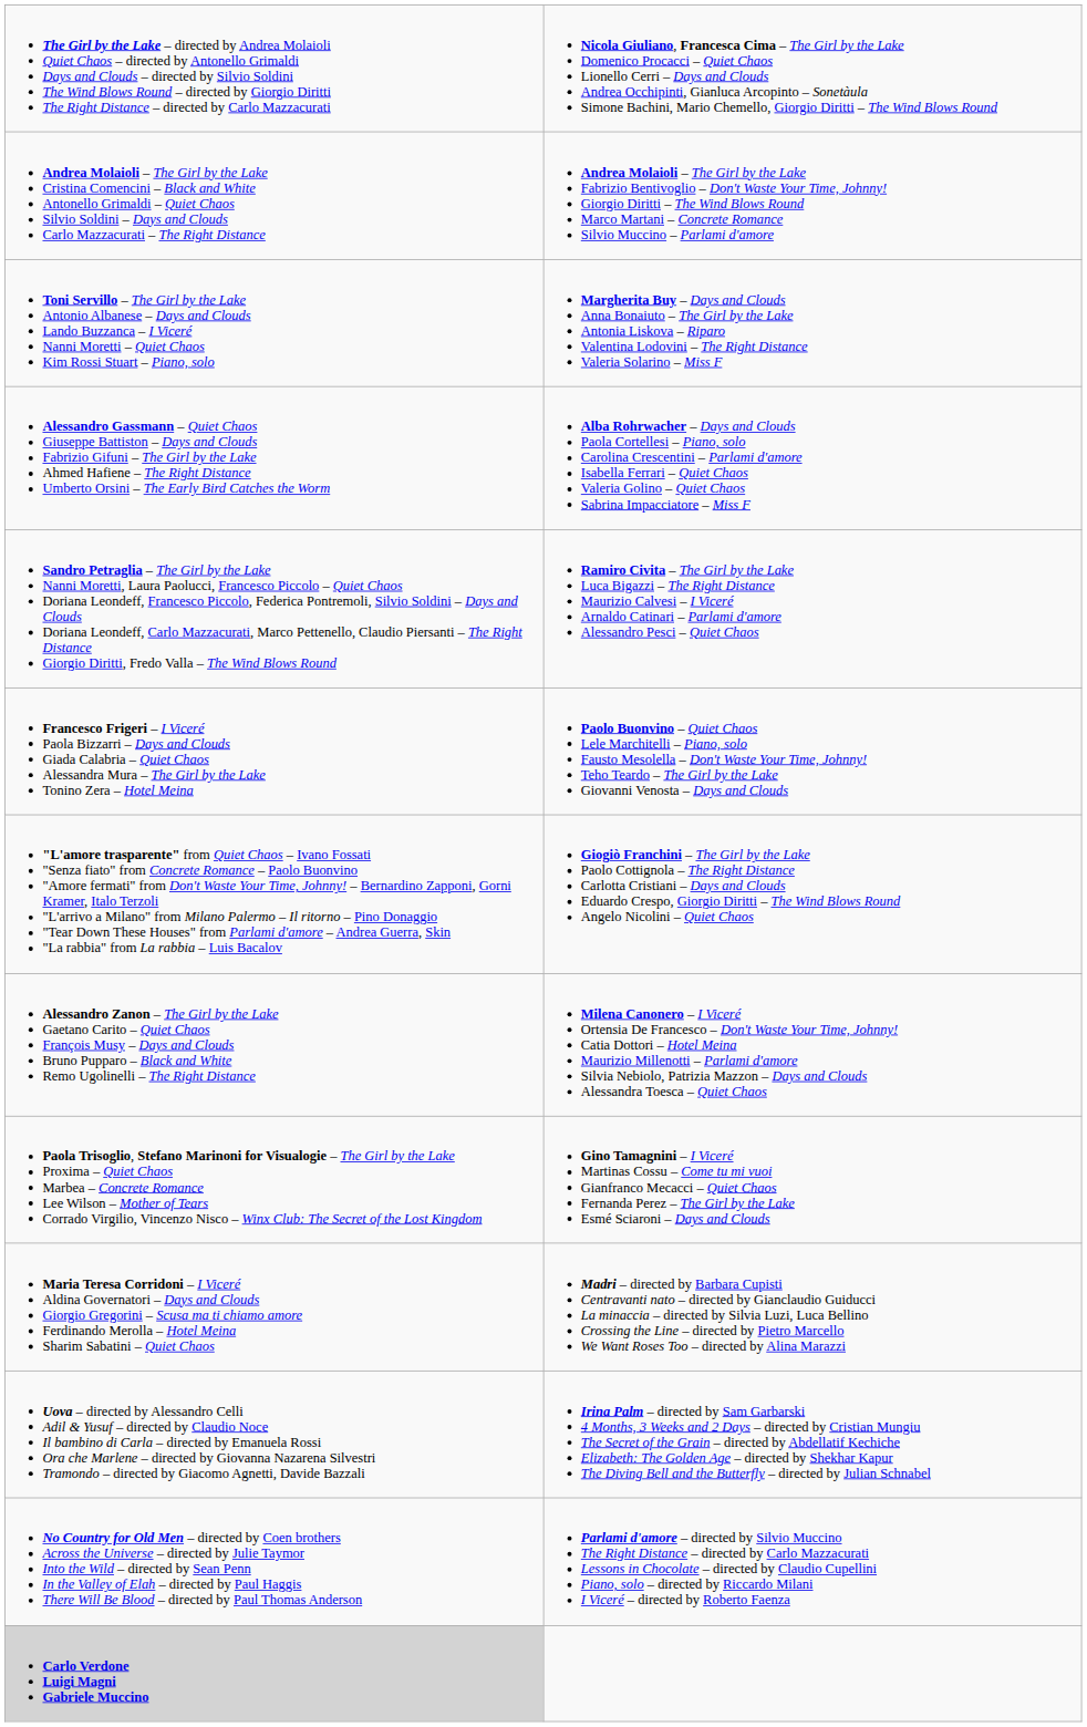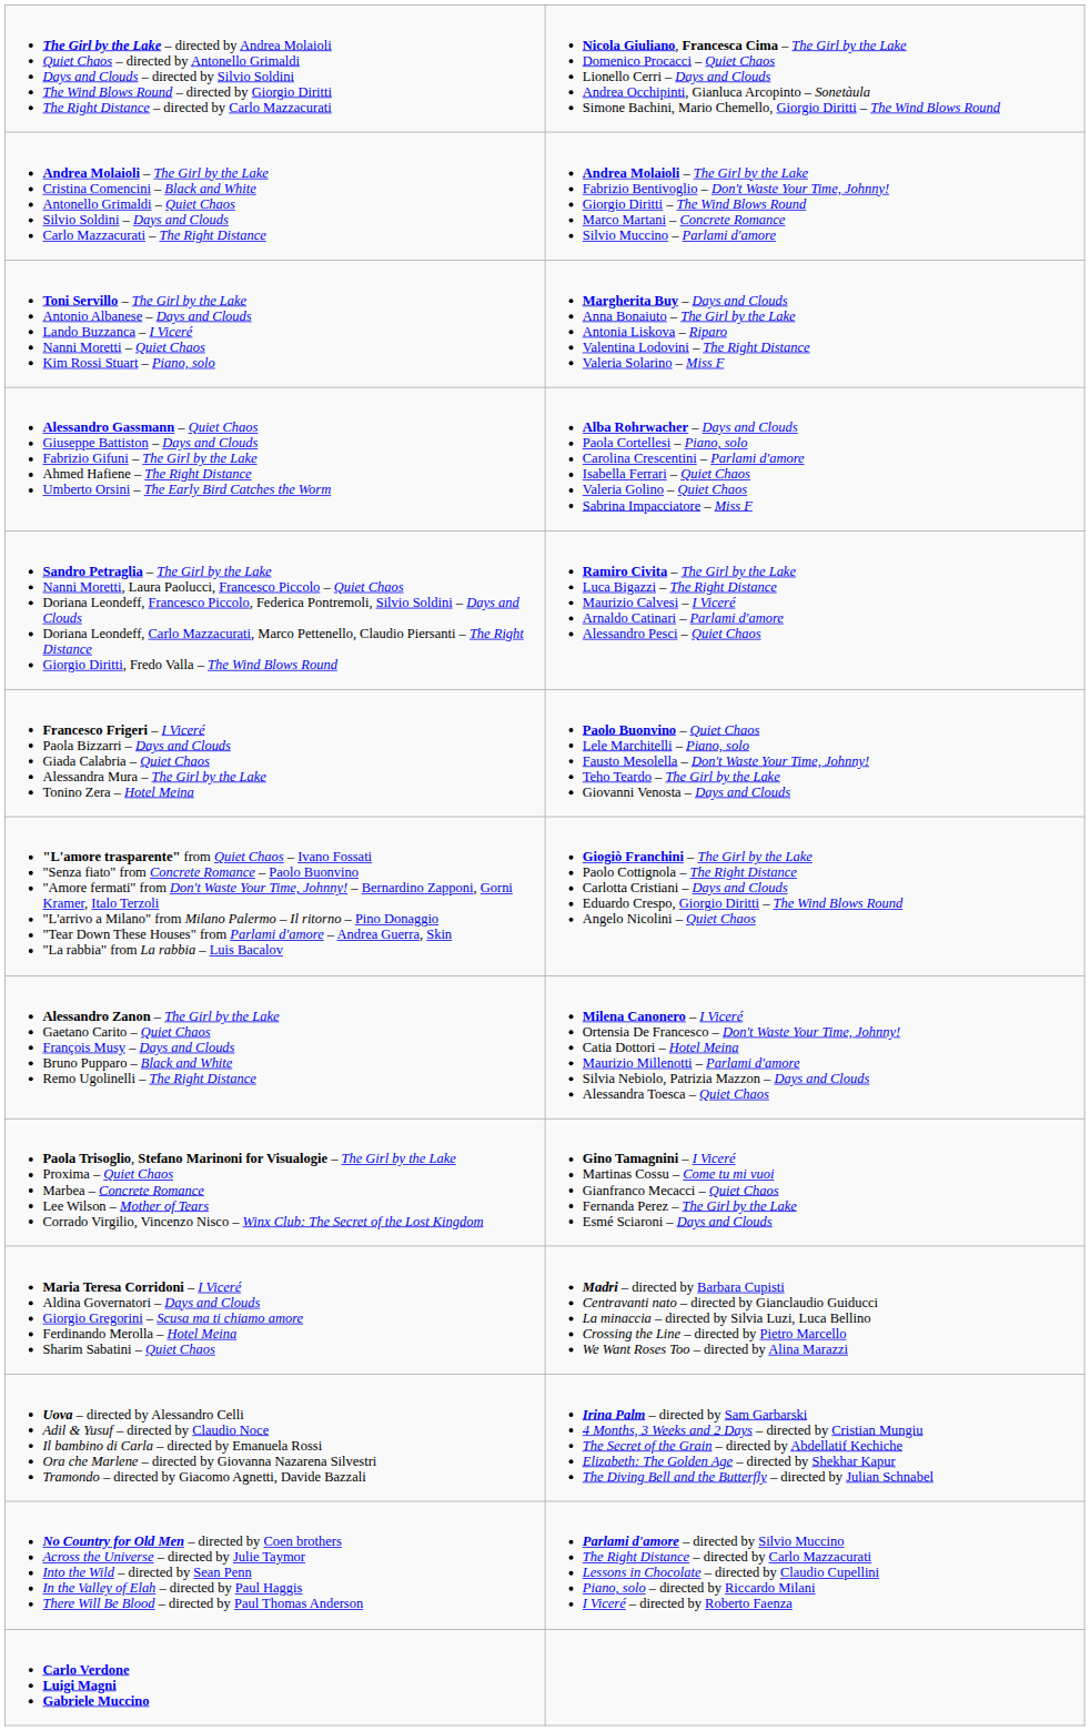 <table class="wikitable" role="presentation">
 <tr>
 <td style="vertical-align:top; width:50%;"><br><ul><li><strong><em><a href='#'>The Girl by the Lake</a></em></strong> – directed by <a href='#'>Andrea Molaioli</a></li><li><em><a href='#'>Quiet Chaos</a></em> – directed by <a href='#'>Antonello Grimaldi</a></li><li><em><a href='#'>Days and Clouds</a></em> – directed by <a href='#'>Silvio Soldini</a></li><li><em><a href='#'>The Wind Blows Round</a></em> – directed by <a href='#'>Giorgio Diritti</a></li><li><em><a href='#'>The Right Distance</a></em> – directed by <a href='#'>Carlo Mazzacurati</a></li></ul></td>
 <td style="vertical-align:top; width:50%;"><br><ul><li><strong><a href='#'>Nicola Giuliano</a></strong>, <strong>Francesca Cima</strong> – <em><a href='#'>The Girl by the Lake</a></em></li><li><a href='#'>Domenico Procacci</a>  – <em><a href='#'>Quiet Chaos</a></em></li><li>Lionello Cerri  – <em><a href='#'>Days and Clouds</a></em></li><li><a href='#'>Andrea Occhipinti</a>, Gianluca Arcopinto – <em>Sonetàula</em></li><li>Simone Bachini, Mario Chemello, <a href='#'>Giorgio Diritti</a>  – <em><a href='#'>The Wind Blows Round</a></em></li></ul></td>
 </tr>
 <tr>
 <td style="vertical-align:top; width:50%;"><br><ul><li><strong><a href='#'>Andrea Molaioli</a></strong> – <em><a href='#'>The Girl by the Lake</a></em></li><li><a href='#'>Cristina Comencini</a> – <em><a href='#'>Black and White</a></em></li><li><a href='#'>Antonello Grimaldi</a> – <em><a href='#'>Quiet Chaos</a></em></li><li><a href='#'>Silvio Soldini</a> – <em><a href='#'>Days and Clouds</a></em></li><li><a href='#'>Carlo Mazzacurati</a> – <em><a href='#'>The Right Distance</a></em></li></ul></td>
 <td style="vertical-align:top; width:50%;"><br><ul><li><strong><a href='#'>Andrea Molaioli</a></strong> – <em><a href='#'>The Girl by the Lake</a></em></li><li><a href='#'>Fabrizio Bentivoglio</a> – <em><a href='#'>Don't Waste Your Time, Johnny!</a></em></li><li><a href='#'>Giorgio Diritti</a> – <em><a href='#'>The Wind Blows Round</a></em></li><li><a href='#'>Marco Martani</a> – <em><a href='#'>Concrete Romance</a></em></li><li><a href='#'>Silvio Muccino</a> – <em><a href='#'>Parlami d'amore</a></em></li></ul></td>
 </tr>
 <tr>
 <td style="vertical-align:top; width:50%;"><br><ul><li><strong><a href='#'>Toni Servillo</a></strong> – <em><a href='#'>The Girl by the Lake</a></em></li><li><a href='#'>Antonio Albanese</a> – <em><a href='#'>Days and Clouds</a></em></li><li><a href='#'>Lando Buzzanca</a> – <em><a href='#'>I Viceré</a></em></li><li><a href='#'>Nanni Moretti</a> – <em><a href='#'>Quiet Chaos</a></em></li><li><a href='#'>Kim Rossi Stuart</a> – <em><a href='#'>Piano, solo</a></em></li></ul></td>
 <td style="vertical-align:top; width:50%;"><br><ul><li><strong><a href='#'>Margherita Buy</a></strong> – <em><a href='#'>Days and Clouds</a></em></li><li><a href='#'>Anna Bonaiuto</a> – <em><a href='#'>The Girl by the Lake</a></em></li><li><a href='#'>Antonia Liskova</a> – <em><a href='#'>Riparo</a></em></li><li><a href='#'>Valentina Lodovini</a> – <em><a href='#'>The Right Distance</a></em></li><li><a href='#'>Valeria Solarino</a> – <em><a href='#'>Miss F</a></em></li></ul></td>
 </tr>
 <tr>
 <td style="vertical-align:top; width:50%;"><br><ul><li><strong><a href='#'>Alessandro Gassmann</a></strong> – <em><a href='#'>Quiet Chaos</a></em></li><li><a href='#'>Giuseppe Battiston</a> – <em><a href='#'>Days and Clouds</a></em></li><li><a href='#'>Fabrizio Gifuni</a> – <em><a href='#'>The Girl by the Lake</a></em></li><li>Ahmed Hafiene – <em><a href='#'>The Right Distance</a></em></li><li><a href='#'>Umberto Orsini</a> – <em><a href='#'>The Early Bird Catches the Worm</a></em></li></ul></td>
 <td style="vertical-align:top; width:50%;"><br><ul><li><strong><a href='#'>Alba Rohrwacher</a></strong> – <em><a href='#'>Days and Clouds</a></em></li><li><a href='#'>Paola Cortellesi</a> – <em><a href='#'>Piano, solo</a></em></li><li><a href='#'>Carolina Crescentini</a> – <em><a href='#'>Parlami d'amore</a></em></li><li><a href='#'>Isabella Ferrari</a> – <em><a href='#'>Quiet Chaos</a></em></li><li><a href='#'>Valeria Golino</a> – <em><a href='#'>Quiet Chaos</a></em></li><li><a href='#'>Sabrina Impacciatore</a> – <em><a href='#'>Miss F</a></em></li></ul></td>
 </tr>
 <tr>
 <td style="vertical-align:top; width:50%;"><br><ul><li><strong><a href='#'>Sandro Petraglia</a></strong> – <em><a href='#'>The Girl by the Lake</a></em></li><li><a href='#'>Nanni Moretti</a>, Laura Paolucci, <a href='#'>Francesco Piccolo</a> – <em><a href='#'>Quiet Chaos</a></em></li><li>Doriana Leondeff, <a href='#'>Francesco Piccolo</a>, Federica Pontremoli, <a href='#'>Silvio Soldini</a> – <em><a href='#'>Days and Clouds</a></em></li><li>Doriana Leondeff, <a href='#'>Carlo Mazzacurati</a>, Marco Pettenello, Claudio Piersanti  – <em><a href='#'>The Right Distance</a></em></li><li><a href='#'>Giorgio Diritti</a>, Fredo Valla – <em><a href='#'>The Wind Blows Round</a></em></li></ul></td>
 <td style="vertical-align:top; width:50%;"><br><ul><li><strong><a href='#'>Ramiro Civita</a></strong> – <em><a href='#'>The Girl by the Lake</a></em></li><li><a href='#'>Luca Bigazzi</a> – <em><a href='#'>The Right Distance</a></em></li><li><a href='#'>Maurizio Calvesi</a> – <em><a href='#'>I Viceré</a></em></li><li><a href='#'>Arnaldo Catinari</a> – <em><a href='#'>Parlami d'amore</a></em></li><li><a href='#'>Alessandro Pesci</a> – <em><a href='#'>Quiet Chaos</a></em></li></ul></td>
 </tr>
 <tr>
 <td style="vertical-align:top; width:50%;"><br><ul><li><strong>Francesco Frigeri</strong> – <em><a href='#'>I Viceré</a></em></li><li>Paola Bizzarri – <em><a href='#'>Days and Clouds</a></em></li><li>Giada Calabria  – <em><a href='#'>Quiet Chaos</a></em></li><li>Alessandra Mura  – <em><a href='#'>The Girl by the Lake</a></em></li><li>Tonino Zera  – <em><a href='#'>Hotel Meina</a></em></li></ul></td>
 <td style="vertical-align:top; width:50%;"><br><ul><li><strong><a href='#'>Paolo Buonvino</a></strong> – <em><a href='#'>Quiet Chaos</a></em></li><li><a href='#'>Lele Marchitelli</a> – <em><a href='#'>Piano, solo</a></em></li><li><a href='#'>Fausto Mesolella</a> – <em><a href='#'>Don't Waste Your Time, Johnny!</a></em></li><li><a href='#'>Teho Teardo</a> – <em><a href='#'>The Girl by the Lake</a></em></li><li>Giovanni Venosta  – <em><a href='#'>Days and Clouds</a></em></li></ul></td>
 </tr>
 <tr>
 <td style="vertical-align:top; width:50%;"><br><ul><li><strong>"L'amore trasparente"</strong> from <em><a href='#'>Quiet Chaos</a></em> –  <a href='#'>Ivano Fossati</a></li><li>"Senza fiato" from <em><a href='#'>Concrete Romance</a></em> –  <a href='#'>Paolo Buonvino</a></li><li>"Amore fermati" from <em><a href='#'>Don't Waste Your Time, Johnny!</a></em> – <a href='#'>Bernardino Zapponi</a>, <a href='#'>Gorni Kramer</a>, <a href='#'>Italo Terzoli</a></li><li>"L'arrivo a Milano" from <em>Milano Palermo – Il ritorno</em> – <a href='#'>Pino Donaggio</a></li><li>"Tear Down These Houses" from <em><a href='#'>Parlami d'amore</a></em> –   <a href='#'>Andrea Guerra</a>, <a href='#'>Skin</a></li><li>"La rabbia" from <em>La rabbia</em> –  <a href='#'>Luis Bacalov</a></li></ul></td>
 <td style="vertical-align:top; width:50%;"><br><ul><li><strong><a href='#'>Giogiò Franchini</a></strong> – <em><a href='#'>The Girl by the Lake</a></em></li><li>Paolo Cottignola  – <em><a href='#'>The Right Distance</a></em></li><li>Carlotta Cristiani  – <em><a href='#'>Days and Clouds</a></em></li><li>Eduardo Crespo, <a href='#'>Giorgio Diritti</a> – <em><a href='#'>The Wind Blows Round</a></em></li><li>Angelo Nicolini  – <em><a href='#'>Quiet Chaos</a></em></li></ul></td>
 </tr>
 <tr>
 <td style="vertical-align:top; width:50%;"><br><ul><li><strong>Alessandro Zanon</strong> – <em><a href='#'>The Girl by the Lake</a></em></li><li>Gaetano Carito  – <em><a href='#'>Quiet Chaos</a></em></li><li><a href='#'>François Musy</a> – <em><a href='#'>Days and Clouds</a></em></li><li>Bruno Pupparo – <em><a href='#'>Black and White</a></em></li><li>Remo Ugolinelli – <em><a href='#'>The Right Distance</a></em></li></ul></td>
 <td style="vertical-align:top; width:50%;"><br><ul><li><strong><a href='#'>Milena Canonero</a></strong> – <em><a href='#'>I Viceré</a></em></li><li>Ortensia De Francesco – <em><a href='#'>Don't Waste Your Time, Johnny!</a></em></li><li>Catia Dottori – <em><a href='#'>Hotel Meina</a></em></li><li><a href='#'>Maurizio Millenotti</a> – <em><a href='#'>Parlami d'amore</a></em></li><li>Silvia Nebiolo, Patrizia Mazzon – <em><a href='#'>Days and Clouds</a></em></li><li>Alessandra Toesca  – <em><a href='#'>Quiet Chaos</a></em></li></ul></td>
 </tr>
 <tr>
 <td style="vertical-align:top; width:50%;"><br><ul><li><strong>Paola Trisoglio</strong>, <strong>Stefano Marinoni for Visualogie</strong> – <em><a href='#'>The Girl by the Lake</a></em></li><li>Proxima – <em><a href='#'>Quiet Chaos</a></em></li><li>Marbea – <em><a href='#'>Concrete Romance</a></em></li><li>Lee Wilson – <em><a href='#'>Mother of Tears</a></em></li><li>Corrado Virgilio, Vincenzo Nisco – <em><a href='#'>Winx Club: The Secret of the Lost Kingdom</a></em></li></ul></td>
 <td style="vertical-align:top; width:50%;"><br><ul><li><strong>Gino Tamagnini</strong> – <em><a href='#'>I Viceré</a></em></li><li>Martinas Cossu – <em><a href='#'>Come tu mi vuoi</a></em></li><li>Gianfranco Mecacci – <em><a href='#'>Quiet Chaos</a></em></li><li>Fernanda Perez – <em><a href='#'>The Girl by the Lake</a></em></li><li>Esmé Sciaroni – <em><a href='#'>Days and Clouds</a></em></li></ul></td>
 </tr>
 <tr>
 <td style="vertical-align:top; width:50%;"><br><ul><li><strong>Maria Teresa Corridoni</strong> – <em><a href='#'>I Viceré</a></em></li><li>Aldina Governatori – <em><a href='#'>Days and Clouds</a></em></li><li><a href='#'>Giorgio Gregorini</a> – <em><a href='#'>Scusa ma ti chiamo amore</a></em></li><li>Ferdinando Merolla – <em><a href='#'>Hotel Meina</a></em></li><li>Sharim Sabatini – <em><a href='#'>Quiet Chaos</a></em></li></ul></td>
 <td style="vertical-align:top; width:50%;"><br><ul><li><strong><em>Madri </em></strong> – directed by <a href='#'>Barbara Cupisti</a></li><li><em>Centravanti nato</em> – directed by Gianclaudio Guiducci</li><li><em>La minaccia</em> – directed by Silvia Luzi, Luca Bellino</li><li><em>Crossing the Line </em> – directed by <a href='#'>Pietro Marcello</a></li><li><em>We Want Roses Too</em> – directed by <a href='#'>Alina Marazzi</a></li></ul></td>
 </tr>
 <tr>
 <td style="vertical-align:top; width:50%;"><br><ul><li><strong><em>Uova</em></strong> – directed by Alessandro Celli</li><li><em>Adil & Yusuf</em> – directed by <a href='#'>Claudio Noce</a></li><li><em>Il bambino di Carla</em> – directed by  Emanuela Rossi</li><li><em>Ora che Marlene</em> – directed by Giovanna Nazarena Silvestri</li><li><em>Tramondo</em> – directed by Giacomo Agnetti, Davide Bazzali</li></ul></td>
 <td style="vertical-align:top; width:50%;"><br><ul><li><strong><em><a href='#'>Irina Palm</a></em></strong> – directed by <a href='#'>Sam Garbarski</a></li><li><em><a href='#'>4 Months, 3 Weeks and 2 Days</a></em> – directed by <a href='#'>Cristian Mungiu</a></li><li><em> <a href='#'>The Secret of the Grain</a></em> – directed by <a href='#'>Abdellatif Kechiche</a></li><li><em><a href='#'>Elizabeth: The Golden Age</a></em> – directed by <a href='#'>Shekhar Kapur</a></li><li><em><a href='#'>The Diving Bell and the Butterfly</a></em> – directed by <a href='#'>Julian Schnabel</a></li></ul></td>
 </tr>
 <tr>
 <td style="vertical-align:top; width:50%;"><br><ul><li><strong><em><a href='#'>No Country for Old Men</a></em></strong>  – directed by <a href='#'>Coen brothers</a></li><li><em><a href='#'>Across the Universe</a> </em> – directed by <a href='#'>Julie Taymor</a></li><li><em><a href='#'>Into the Wild</a> </em> – directed by <a href='#'>Sean Penn</a></li><li><em><a href='#'>In the Valley of Elah</a></em> – directed by <a href='#'>Paul Haggis</a></li><li><em><a href='#'>There Will Be Blood</a></em> – directed by <a href='#'>Paul Thomas Anderson</a></li></ul></td>
 <td style="vertical-align:top; width:50%;"><br><ul><li><strong><em><a href='#'>Parlami d'amore</a></em></strong> – directed by <a href='#'>Silvio Muccino</a></li><li><em><a href='#'>The Right Distance</a></em> – directed by <a href='#'>Carlo Mazzacurati</a></li><li><em><a href='#'>Lessons in Chocolate</a></em> – directed by <a href='#'>Claudio Cupellini</a></li><li><em><a href='#'>Piano, solo</a></em> – directed by <a href='#'>Riccardo Milani</a></li><li><em><a href='#'>I Viceré</a></em> – directed by <a href='#'>Roberto Faenza</a></li></ul></td>
 </tr>
 <tr>
-<td style="background: lightgrey; vertical-align:top; width:50%;"><br><ul><li><strong><a href='#'>Carlo Verdone</a></strong></li><li><strong><a href='#'>Luigi Magni</a></strong></li><li><strong><a href='#'>Gabriele Muccino</a></strong></li></ul></td>
+<td style="vertical-align:top; width:50%;"><br><ul><li><strong><a href='#'>Carlo Verdone</a></strong></li><li><strong><a href='#'>Luigi Magni</a></strong></li><li><strong><a href='#'>Gabriele Muccino</a></strong></li></ul></td>
 </tr>
 </table>
